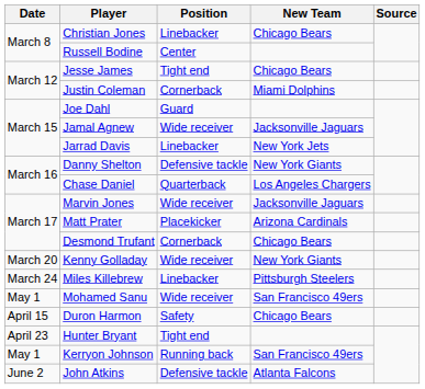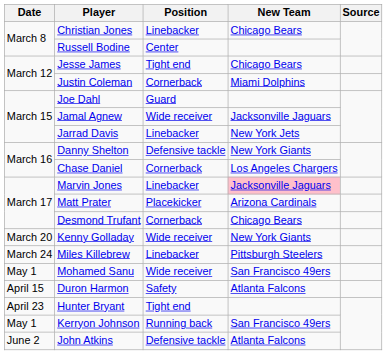 <table class="wikitable">
 <tr>
 <th>Date</th>
 <th>Player</th>
 <th>Position</th>
 <th>New Team</th>
 <th>Source</th>
 </tr>
 <tr>
 <td rowspan=2>March 8</td>
 <td><a href='#'>Christian Jones</a></td>
 <td><a href='#'>Linebacker</a></td>
 <td><a href='#'>Chicago Bears</a></td>
 <td rowspan=2></td>
 </tr>
 <tr>
 <td><a href='#'>Russell Bodine</a></td>
 <td><a href='#'>Center</a></td>
 <td></td>
 </tr>
 <tr>
 <td rowspan=2>March 12</td>
 <td><a href='#'>Jesse James</a></td>
 <td><a href='#'>Tight end</a></td>
 <td><a href='#'>Chicago Bears</a></td>
 <td></td>
 </tr>
 <tr>
 <td><a href='#'>Justin Coleman</a></td>
 <td><a href='#'>Cornerback</a></td>
 <td><a href='#'>Miami Dolphins</a></td>
 <td></td>
 </tr>
 <tr>
 <td rowspan=3>March 15</td>
 <td><a href='#'>Joe Dahl</a></td>
 <td><a href='#'>Guard</a></td>
 <td></td>
 <td rowspan=3></td>
 </tr>
 <tr>
 <td><a href='#'>Jamal Agnew</a></td>
 <td><a href='#'>Wide receiver</a></td>
 <td><a href='#'>Jacksonville Jaguars</a></td>
 </tr>
 <tr>
 <td><a href='#'>Jarrad Davis</a></td>
 <td><a href='#'>Linebacker</a></td>
 <td><a href='#'>New York Jets</a></td>
 </tr>
 <tr>
 <td rowspan=2>March 16</td>
 <td><a href='#'>Danny Shelton</a></td>
 <td><a href='#'>Defensive tackle</a></td>
 <td><a href='#'>New York Giants</a></td>
 <td rowspan=2></td>
 </tr>
 <tr>
 <td><a href='#'>Chase Daniel</a></td>
-<td><a href='#'>Quarterback</a></td>
+<td><a href='#'>Cornerback</a></td>
 <td><a href='#'>Los Angeles Chargers</a></td>
 </tr>
 <tr>
 <td rowspan=3>March 17</td>
 <td><a href='#'>Marvin Jones</a></td>
-<td><a href='#'>Wide receiver</a></td>
-<td><a href='#'>Jacksonville Jaguars</a></td>
+<td><a href='#'>Linebacker</a></td>
+<td style="background: pink;"><a href='#'>Jacksonville Jaguars</a></td>
 <td></td>
 </tr>
 <tr>
 <td><a href='#'>Matt Prater</a></td>
 <td><a href='#'>Placekicker</a></td>
 <td><a href='#'>Arizona Cardinals</a></td>
 <td></td>
 </tr>
 <tr>
 <td><a href='#'>Desmond Trufant</a></td>
 <td><a href='#'>Cornerback</a></td>
 <td><a href='#'>Chicago Bears</a></td>
 <td></td>
 </tr>
 <tr>
 <td>March 20</td>
 <td><a href='#'>Kenny Golladay</a></td>
 <td><a href='#'>Wide receiver</a></td>
 <td><a href='#'>New York Giants</a></td>
 <td></td>
 </tr>
 <tr>
 <td>March 24</td>
 <td><a href='#'>Miles Killebrew</a></td>
 <td><a href='#'>Linebacker</a></td>
 <td><a href='#'>Pittsburgh Steelers</a></td>
 <td></td>
 </tr>
 <tr>
 <td>May 1</td>
 <td><a href='#'>Mohamed Sanu</a></td>
 <td><a href='#'>Wide receiver</a></td>
 <td><a href='#'>San Francisco 49ers</a></td>
 <td></td>
 </tr>
 <tr>
 <td>April 15</td>
 <td><a href='#'>Duron Harmon</a></td>
 <td><a href='#'>Safety</a></td>
-<td><a href='#'>Chicago Bears</a></td>
+<td><a href='#'>Atlanta Falcons</a></td>
 <td></td>
 </tr>
 <tr>
 <td>April 23</td>
 <td><a href='#'>Hunter Bryant</a></td>
 <td><a href='#'>Tight end</a></td>
 <td></td>
 <td rowspan=3></td>
 </tr>
 <tr>
 <td>May 1</td>
 <td><a href='#'>Kerryon Johnson</a></td>
 <td><a href='#'>Running back</a></td>
 <td><a href='#'>San Francisco 49ers</a></td>
 </tr>
 <tr>
 <td>June 2</td>
 <td><a href='#'>John Atkins</a></td>
 <td><a href='#'>Defensive tackle</a></td>
 <td><a href='#'>Atlanta Falcons</a></td>
 </tr>
 </table>
